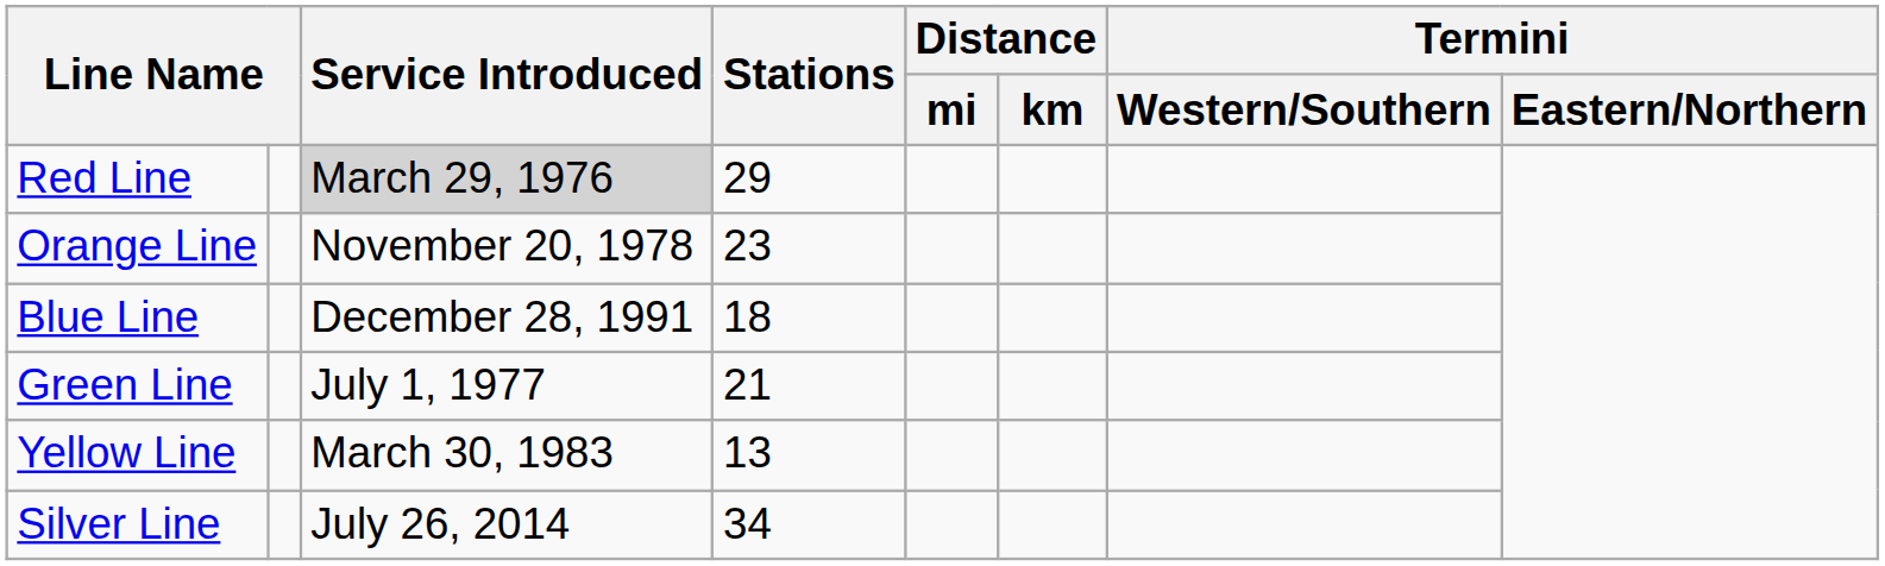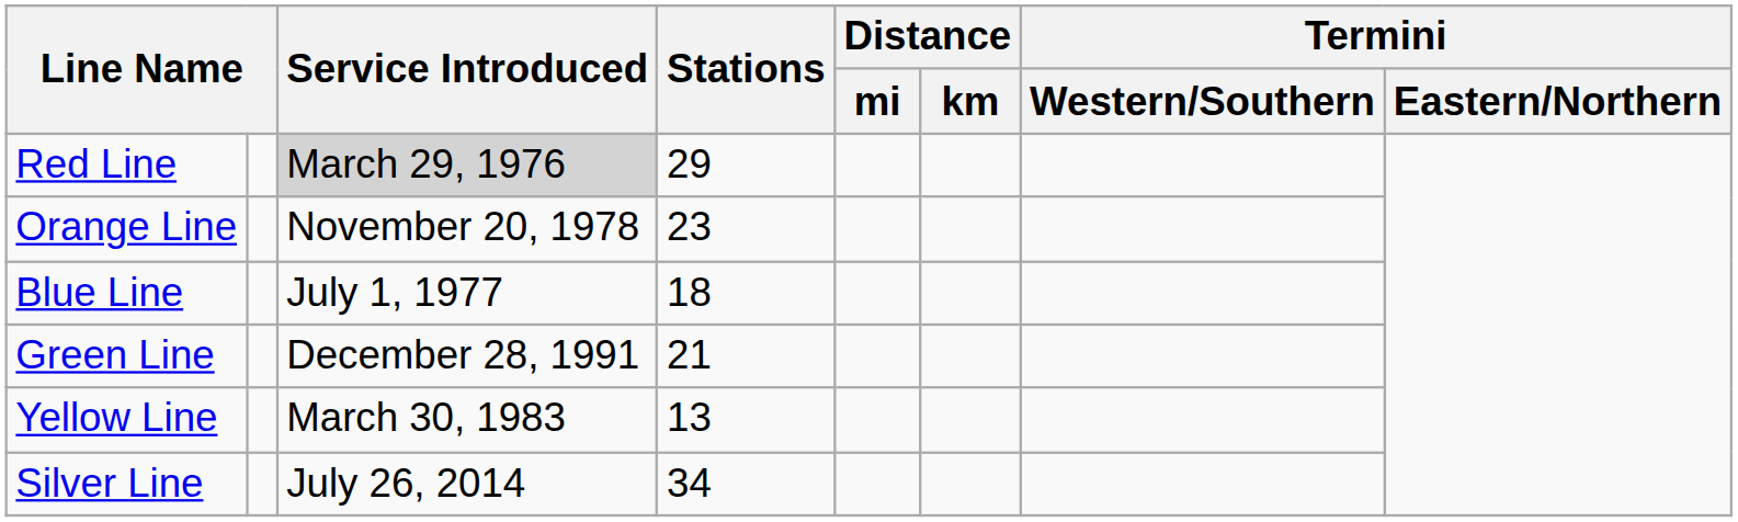 <table class="wikitable sortable" style="margin: 0 auto; text-align:left;">
 <tr>
 <th rowspan=2 colspan="2">Line Name</th>
 <th rowspan=2>Service Introduced</th>
 <th rowspan=2>Stations</th>
 <th colspan=2>Distance</th>
 <th colspan=2>Termini</th>
 </tr>
 <tr>
 <th>mi</th>
 <th>km</th>
 <th>Western/Southern</th>
 <th>Eastern/Northern</th>
 </tr>
 <tr>
 <td style="text-align:left;"> <a href='#'>Red Line</a></td>
 <td width="5" title="Red" style="background-color:#"></td>
 <td style="background: lightgrey;">March 29, 1976</td>
 <td>29</td>
 <td></td>
 <td></td>
 <td></td>
 </tr>
 <tr>
 <td style="text-align:left;"> <a href='#'>Orange Line</a></td>
 <td width="5" title="Orange" style="background-color:#"></td>
 <td>November 20, 1978</td>
 <td>23</td>
 <td></td>
 <td></td>
 <td></td>
 </tr>
 <tr>
 <td style="text-align:left;"> <a href='#'>Blue Line</a></td>
 <td width="5" title="Blue" style="background-color:#"></td>
-<td>December 28, 1991</td>
+<td>July 1, 1977</td>
 <td>18</td>
 <td></td>
 <td></td>
 <td></td>
 </tr>
 <tr>
 <td style="text-align:left;"> <a href='#'>Green Line</a></td>
 <td width="5" title="Green" style="background-color:#"></td>
-<td>July 1, 1977</td>
+<td>December 28, 1991</td>
 <td>21</td>
 <td></td>
 <td></td>
 <td></td>
 </tr>
 <tr>
 <td style="text-align:left;"> <a href='#'>Yellow Line</a></td>
 <td width="5" title="Yellow" style="background-color:#"></td>
 <td>March 30, 1983</td>
 <td>13</td>
 <td></td>
 <td></td>
 <td></td>
 </tr>
 <tr>
 <td style="text-align:left;"> <a href='#'>Silver Line</a></td>
 <td width="5" title="Silver" style="background-color:#"></td>
 <td>July 26, 2014</td>
 <td>34</td>
 <td></td>
 <td></td>
 <td></td>
 </tr>
 </table>
